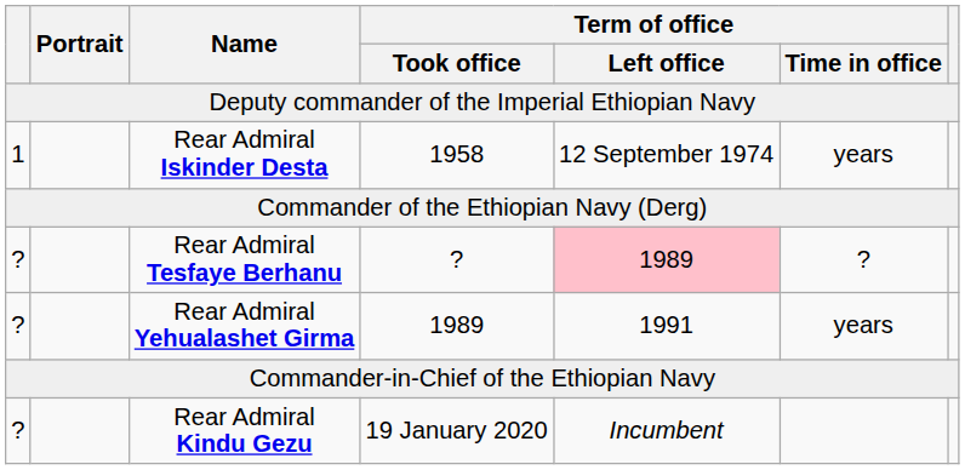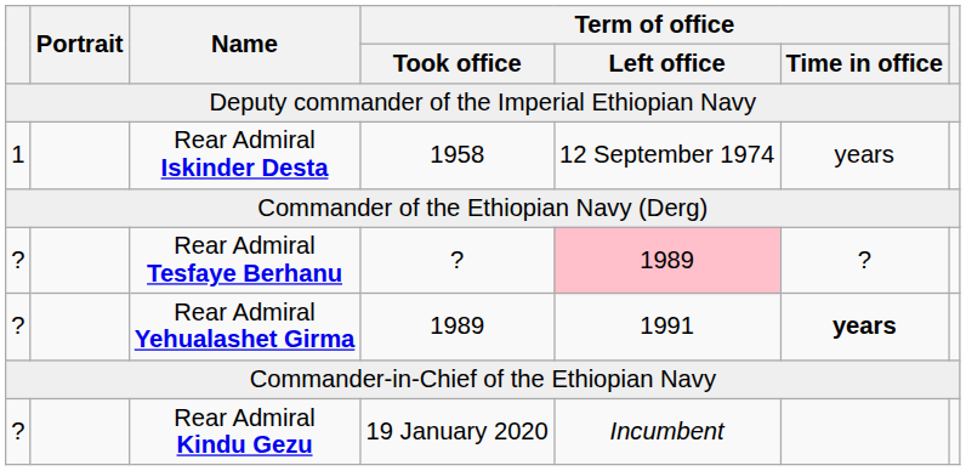 <table class="wikitable" style="text-align:center">
 <tr>
 <th rowspan=2></th>
 <th rowspan=2>Portrait</th>
 <th rowspan=2>Name<br></th>
 <th colspan=3>Term of office</th>
 <th rowspan=2></th>
 </tr>
 <tr>
 <th>Took office</th>
 <th>Left office</th>
 <th>Time in office</th>
 </tr>
 <tr style="background:#efefef;">
 <td colspan="7">Deputy commander of the Imperial Ethiopian Navy</td>
 </tr>
 <tr>
 <td>1</td>
 <td></td>
 <td>Rear Admiral<br><strong><a href='#'>Iskinder Desta</a></strong><br></td>
 <td>1958</td>
 <td>12 September 1974</td>
 <td> years</td>
 <td></td>
 </tr>
 <tr style="background:#efefef;">
 <td colspan="7">Commander of the Ethiopian Navy (Derg)</td>
 </tr>
 <tr>
 <td>?</td>
 <td></td>
 <td>Rear Admiral<br><strong><a href='#'>Tesfaye Berhanu</a></strong></td>
 <td>?</td>
 <td style="background: pink;">1989</td>
 <td>?</td>
 <td></td>
 </tr>
 <tr>
 <td>?</td>
 <td></td>
 <td>Rear Admiral<br><strong><a href='#'>Yehualashet Girma</a></strong></td>
 <td>1989</td>
 <td>1991</td>
-<td> years</td>
+<td><strong> years</strong></td>
 <td></td>
 </tr>
 <tr style="background:#efefef;">
 <td colspan="7">Commander-in-Chief of the Ethiopian Navy</td>
 </tr>
 <tr>
 <td>?</td>
 <td></td>
 <td>Rear Admiral<br><strong><a href='#'>Kindu Gezu</a></strong></td>
 <td>19 January 2020</td>
 <td><em>Incumbent</em></td>
 <td></td>
 <td></td>
 </tr>
 </table>
